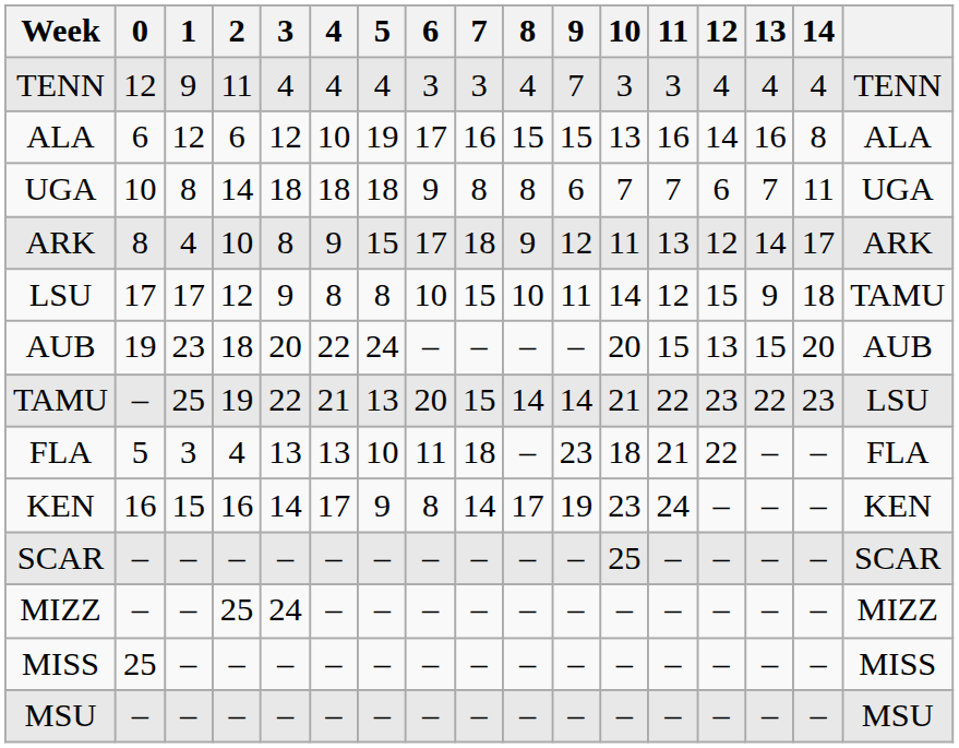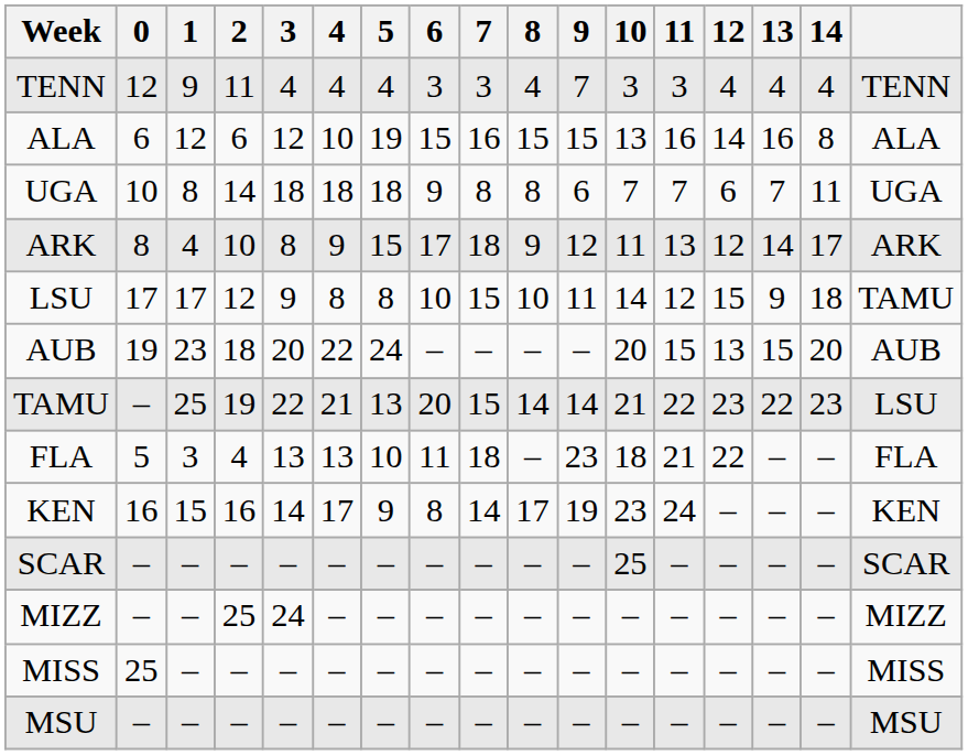 <table class="wikitable sortable" style="text-align:center">
 <tr>
 <th>Week</th>
 <th>0</th>
 <th>1</th>
 <th>2</th>
 <th>3</th>
 <th>4</th>
 <th>5</th>
 <th>6</th>
 <th>7</th>
 <th>8</th>
 <th>9</th>
 <th>10</th>
 <th>11</th>
 <th>12</th>
 <th>13</th>
 <th>14</th>
 <th class=unsortable></th>
 </tr>
 <tr style="background-color:#E8E8E8">
 <td>TENN</td>
 <td>12</td>
 <td>9</td>
 <td>11</td>
 <td>4</td>
 <td>4</td>
 <td>4</td>
 <td>3</td>
 <td>3</td>
 <td>4</td>
 <td>7</td>
 <td>3</td>
 <td>3</td>
 <td>4</td>
 <td>4</td>
 <td>4</td>
 <td>TENN</td>
 </tr>
 <tr>
 <td>ALA</td>
 <td>6</td>
 <td>12</td>
 <td>6</td>
 <td>12</td>
 <td>10</td>
 <td>19</td>
-<td>17</td>
+<td>15</td>
 <td>16</td>
 <td>15</td>
 <td>15</td>
 <td>13</td>
 <td>16</td>
 <td>14</td>
 <td>16</td>
 <td>8</td>
 <td>ALA</td>
 </tr>
 <tr>
 <td data-sort-value=G>UGA</td>
 <td>10</td>
 <td>8</td>
 <td>14</td>
 <td>18</td>
 <td>18</td>
 <td>18</td>
 <td>9</td>
 <td>8</td>
 <td>8</td>
 <td>6</td>
 <td>7</td>
 <td>7</td>
 <td>6</td>
 <td>7</td>
 <td>11</td>
 <td>UGA</td>
 </tr>
 <tr style="background-color:#E8E8E8">
 <td>ARK</td>
 <td>8</td>
 <td>4</td>
 <td>10</td>
 <td>8</td>
 <td>9</td>
 <td>15</td>
 <td>17</td>
 <td>18</td>
 <td>9</td>
 <td>12</td>
 <td>11</td>
 <td>13</td>
 <td>12</td>
 <td>14</td>
 <td>17</td>
 <td>ARK</td>
 </tr>
 <tr>
 <td>LSU</td>
 <td>17</td>
 <td>17</td>
 <td>12</td>
 <td>9</td>
 <td>8</td>
 <td>8</td>
 <td>10</td>
 <td>15</td>
 <td>10</td>
 <td>11</td>
 <td>14</td>
 <td>12</td>
 <td>15</td>
 <td>9</td>
 <td>18</td>
 <td>TAMU</td>
 </tr>
 <tr>
 <td>AUB</td>
 <td>19</td>
 <td>23</td>
 <td>18</td>
 <td>20</td>
 <td>22</td>
 <td>24</td>
 <td data-sort-value=26>–</td>
 <td data-sort-value=26>–</td>
 <td data-sort-value=26>–</td>
 <td data-sort-value=26>–</td>
 <td>20</td>
 <td>15</td>
 <td>13</td>
 <td>15</td>
 <td>20</td>
 <td>AUB</td>
 </tr>
 <tr style="background-color:#E8E8E8">
 <td data-sort-value=TEX>TAMU</td>
 <td data-sort-value=27>–</td>
 <td>25</td>
 <td>19</td>
 <td>22</td>
 <td>21</td>
 <td>13</td>
 <td>20</td>
 <td>15</td>
 <td>14</td>
 <td>14</td>
 <td>21</td>
 <td>22</td>
 <td>23</td>
 <td>22</td>
 <td>23</td>
 <td>LSU</td>
 </tr>
 <tr>
 <td>FLA</td>
 <td>5</td>
 <td>3</td>
 <td>4</td>
 <td>13</td>
 <td>13</td>
 <td>10</td>
 <td>11</td>
 <td>18</td>
 <td data-sort-value=28>–</td>
 <td>23</td>
 <td>18</td>
 <td>21</td>
 <td>22</td>
 <td data-sort-value=28>–</td>
 <td data-sort-value=28>–</td>
 <td>FLA</td>
 </tr>
 <tr>
 <td>KEN</td>
 <td>16</td>
 <td>15</td>
 <td>16</td>
 <td>14</td>
 <td>17</td>
 <td>9</td>
 <td>8</td>
 <td>14</td>
 <td>17</td>
 <td>19</td>
 <td>23</td>
 <td>24</td>
 <td data-sort-value=29>–</td>
 <td data-sort-value=29>–</td>
 <td data-sort-value=29>–</td>
 <td>KEN</td>
 </tr>
 <tr style="background-color:#E8E8E8">
 <td>SCAR</td>
 <td data-sort-value=30>–</td>
 <td data-sort-value=30>–</td>
 <td data-sort-value=30>–</td>
 <td data-sort-value=30>–</td>
 <td data-sort-value=30>–</td>
 <td data-sort-value=30>–</td>
 <td data-sort-value=30>–</td>
 <td data-sort-value=30>–</td>
 <td data-sort-value=30>–</td>
 <td data-sort-value=30>–</td>
 <td>25</td>
 <td data-sort-value=30>–</td>
 <td data-sort-value=30>–</td>
 <td data-sort-value=30>–</td>
 <td data-sort-value=30>–</td>
 <td>SCAR</td>
 </tr>
 <tr>
 <td data-sort-value=MO>MIZZ</td>
 <td data-sort-value=31>–</td>
 <td data-sort-value=31>–</td>
 <td>25</td>
 <td>24</td>
 <td data-sort-value=31>–</td>
 <td data-sort-value=31>–</td>
 <td data-sort-value=31>–</td>
 <td data-sort-value=31>–</td>
 <td data-sort-value=31>–</td>
 <td data-sort-value=31>–</td>
 <td data-sort-value=31>–</td>
 <td data-sort-value=31>–</td>
 <td data-sort-value=31>–</td>
 <td data-sort-value=31>–</td>
 <td data-sort-value=31>–</td>
 <td>MIZZ</td>
 </tr>
 <tr>
 <td data-sort-value=O>MISS</td>
 <td>25</td>
 <td data-sort-value=32>–</td>
 <td data-sort-value=32>–</td>
 <td data-sort-value=32>–</td>
 <td data-sort-value=32>–</td>
 <td data-sort-value=32>–</td>
 <td data-sort-value=32>–</td>
 <td data-sort-value=32>–</td>
 <td data-sort-value=32>–</td>
 <td data-sort-value=32>–</td>
 <td data-sort-value=32>–</td>
 <td data-sort-value=32>–</td>
 <td data-sort-value=32>–</td>
 <td data-sort-value=32>–</td>
 <td data-sort-value=32>–</td>
 <td>MISS</td>
 </tr>
 <tr style="background-color:#E8E8E8">
 <td>MSU</td>
 <td data-sort-value=33>–</td>
 <td data-sort-value=33>–</td>
 <td data-sort-value=33>–</td>
 <td data-sort-value=33>–</td>
 <td data-sort-value=33>–</td>
 <td data-sort-value=33>–</td>
 <td data-sort-value=33>–</td>
 <td data-sort-value=33>–</td>
 <td data-sort-value=33>–</td>
 <td data-sort-value=33>–</td>
 <td data-sort-value=33>–</td>
 <td data-sort-value=33>–</td>
 <td data-sort-value=33>–</td>
 <td data-sort-value=33>–</td>
 <td data-sort-value=33>–</td>
 <td>MSU</td>
 </tr>
 </table>
